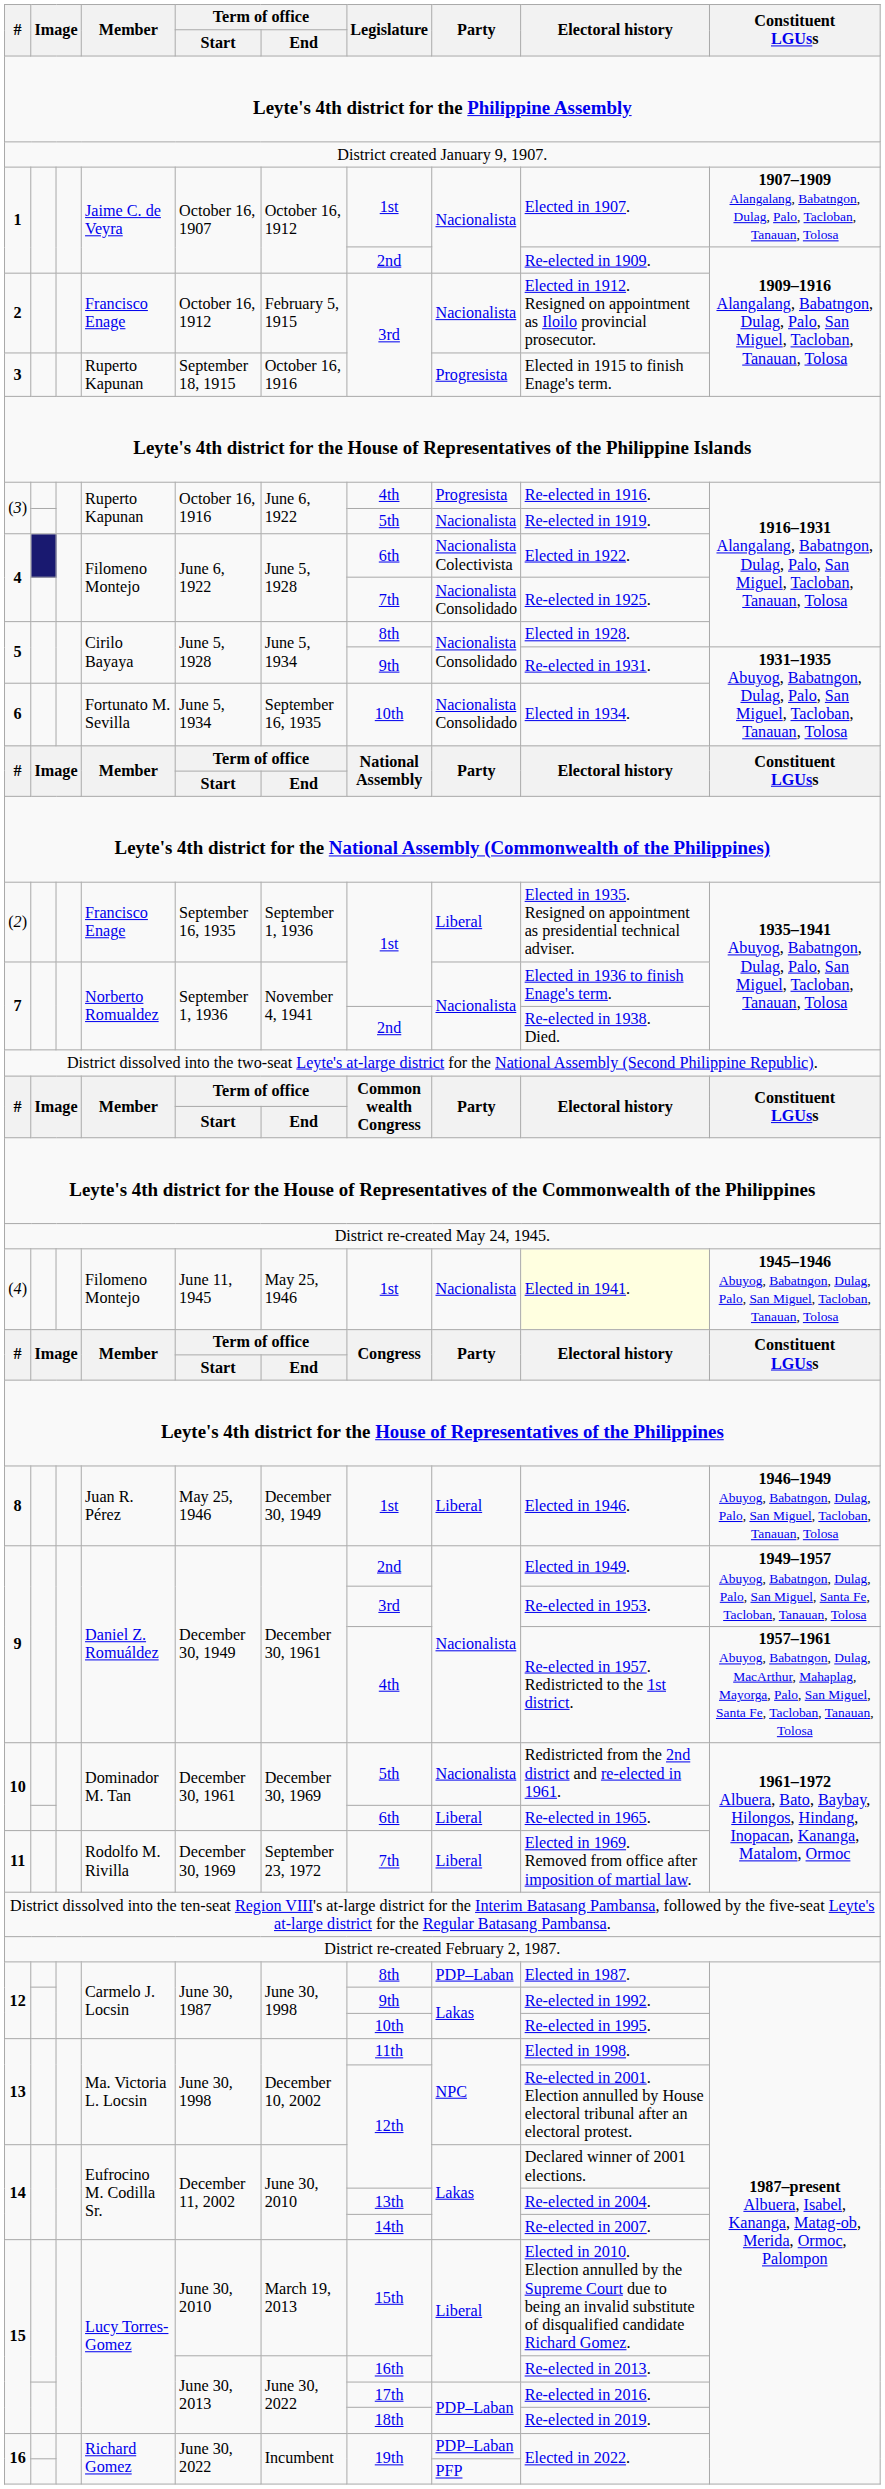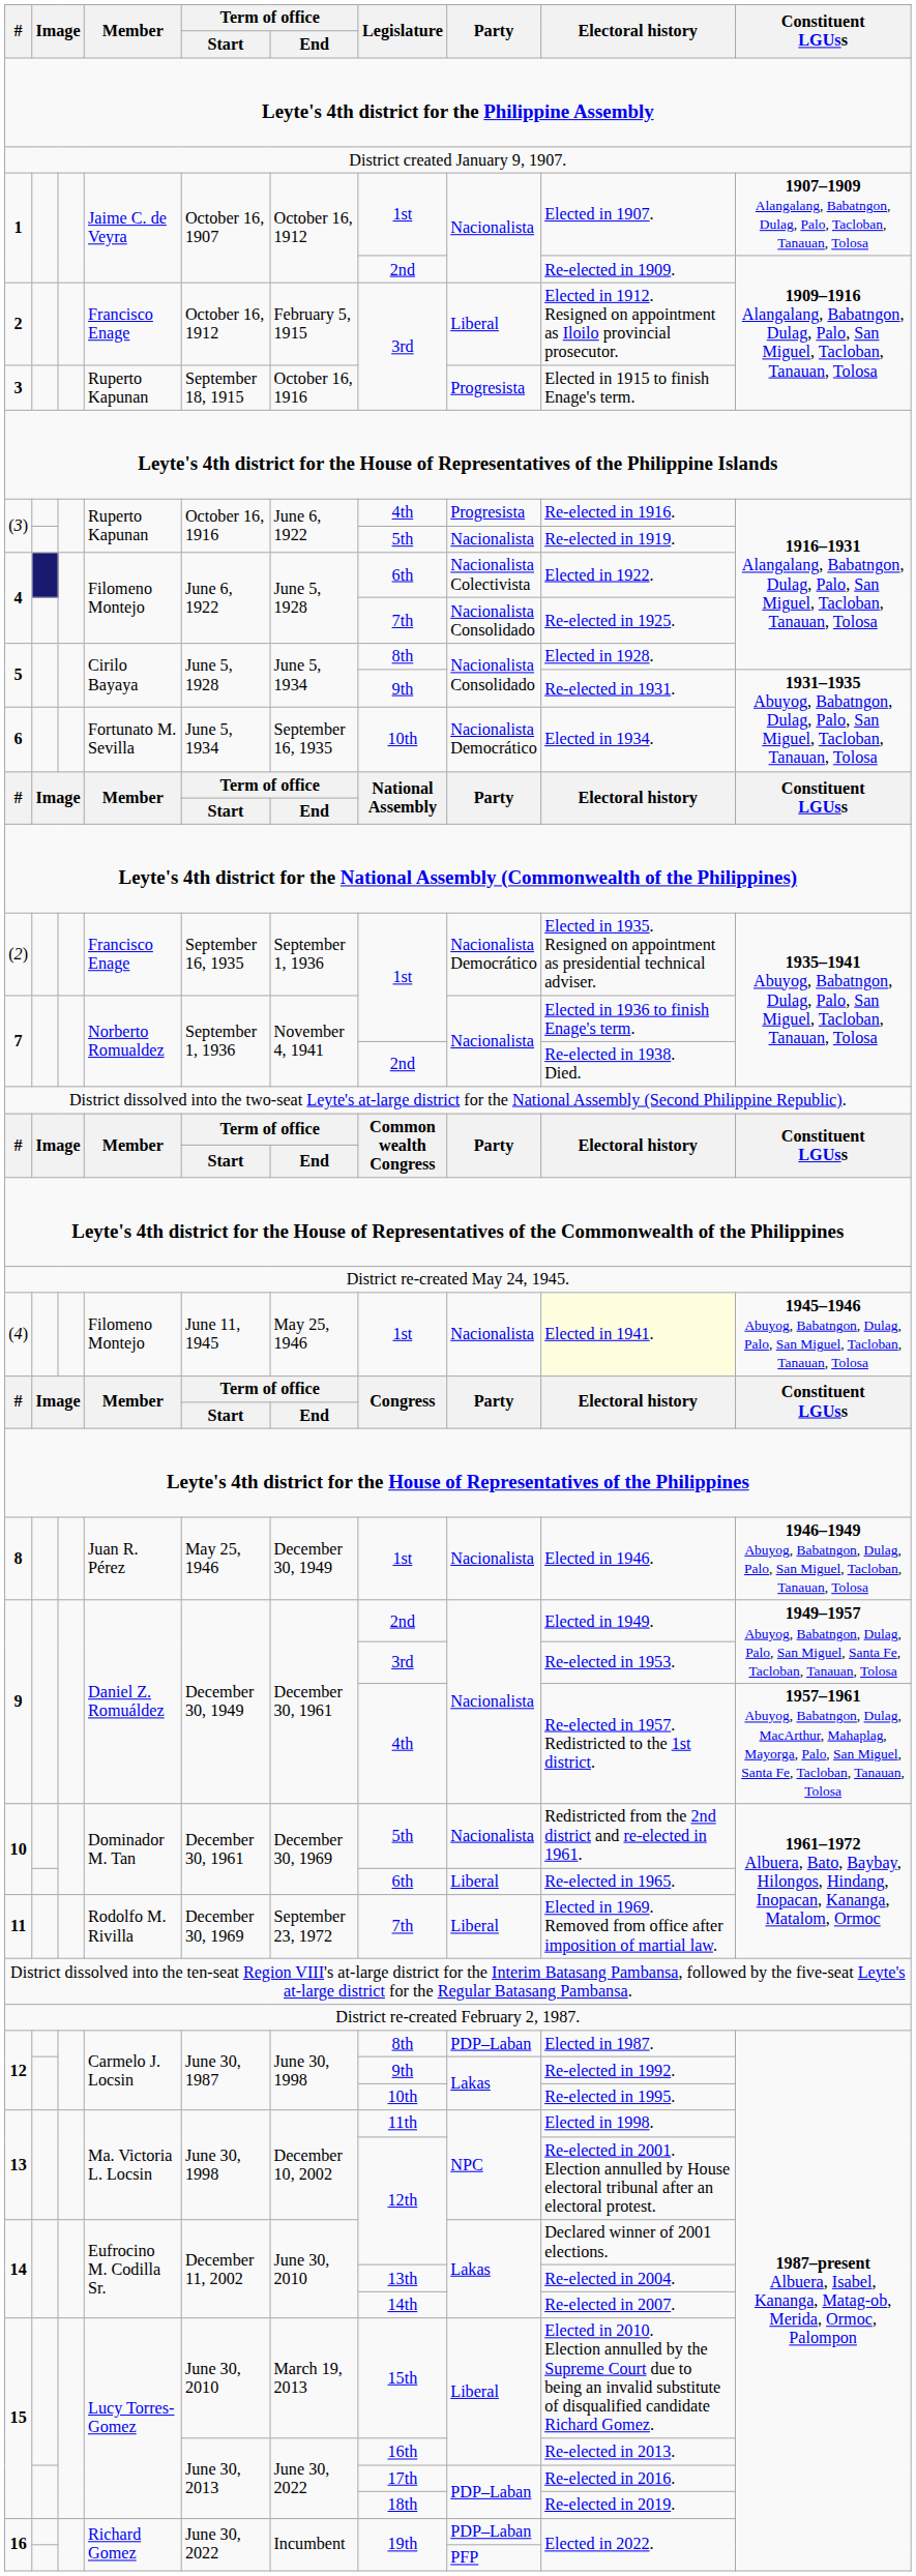 <table class=wikitable>
 <tr>
 <th rowspan="2">#</th>
 <th rowspan="2" colspan=2>Image</th>
 <th rowspan="2">Member</th>
 <th colspan=2>Term of office</th>
 <th rowspan="2">Legislature</th>
 <th rowspan="2">Party</th>
 <th rowspan="2">Electoral history</th>
 <th rowspan="2">Constituent<br><a href='#'>LGUs</a>s</th>
 </tr>
 <tr>
 <th>Start</th>
 <th>End</th>
 </tr>
 <tr>
 <td colspan="10" style="text-align:center;"><br><h3>Leyte's 4th district for the <a href='#'>Philippine Assembly</a></h3></td>
 </tr>
 <tr>
 <td colspan="10" style="text-align:center;">District created January 9, 1907.</td>
 </tr>
 <tr>
 <td rowspan="2" style="text-align:center;"><strong>1</strong></td>
 <td rowspan="2" style="color:inherit;background:"></td>
 <td rowspan="2"></td>
 <td rowspan="2"><a href='#'>Jaime C. de Veyra</a></td>
 <td rowspan="2">October 16, 1907</td>
 <td rowspan="2">October 16, 1912</td>
 <td style="text-align:center;"><a href='#'>1st</a></td>
 <td rowspan="2"><a href='#'>Nacionalista</a></td>
 <td><a href='#'>Elected in 1907</a>.</td>
 <td style="text-align:center;"><strong>1907–1909</strong><br><small><a href='#'>Alangalang</a>, <a href='#'>Babatngon</a>, <a href='#'>Dulag</a>, <a href='#'>Palo</a>, <a href='#'>Tacloban</a>, <a href='#'>Tanauan</a>, <a href='#'>Tolosa</a></small></td>
 </tr>
 <tr>
 <td style="text-align:center;"><a href='#'>2nd</a></td>
 <td><a href='#'>Re-elected in 1909</a>.</td>
 <td rowspan="3" style="text-align:center;"><strong>1909–1916</strong><br><a href='#'>Alangalang</a>, <a href='#'>Babatngon</a>, <a href='#'>Dulag</a>, <a href='#'>Palo</a>, <a href='#'>San Miguel</a>, <a href='#'>Tacloban</a>, <a href='#'>Tanauan</a>, <a href='#'>Tolosa</a></td>
 </tr>
 <tr>
 <td style="text-align:center;"><strong>2</strong></td>
 <td style="color:inherit;background:"></td>
 <td></td>
 <td><a href='#'>Francisco Enage</a></td>
 <td>October 16, 1912</td>
 <td>February 5, 1915</td>
 <td rowspan="2" style="text-align:center;"><a href='#'>3rd</a></td>
-<td><a href='#'>Nacionalista</a></td>
+<td><a href='#'>Liberal</a></td>
 <td><a href='#'>Elected in 1912</a>.<br>Resigned on appointment as <a href='#'>Iloilo</a> provincial prosecutor.</td>
 </tr>
 <tr>
 <td style="text-align:center;"><strong>3</strong></td>
 <td style="color:inherit;background:"></td>
 <td></td>
 <td>Ruperto Kapunan</td>
 <td>September 18, 1915</td>
 <td>October 16, 1916</td>
 <td><a href='#'>Progresista</a></td>
 <td>Elected in 1915 to finish Enage's term.</td>
 </tr>
 <tr>
 <td colspan="10" style="text-align:center;"><br><h3>Leyte's 4th district for the House of Representatives of the Philippine Islands</h3></td>
 </tr>
 <tr>
 <td rowspan="2" style="text-align:center;">(<em>3</em>)</td>
 <td style="color:inherit;background:"></td>
 <td rowspan="2"></td>
 <td rowspan="2">Ruperto Kapunan</td>
 <td rowspan="2">October 16, 1916</td>
 <td rowspan="2">June 6, 1922</td>
 <td style="text-align:center;"><a href='#'>4th</a></td>
 <td><a href='#'>Progresista</a></td>
 <td><a href='#'>Re-elected in 1916</a>.</td>
 <td rowspan="5" style="text-align:center;"><strong>1916–1931</strong><br><a href='#'>Alangalang</a>, <a href='#'>Babatngon</a>, <a href='#'>Dulag</a>, <a href='#'>Palo</a>, <a href='#'>San Miguel</a>, <a href='#'>Tacloban</a>, <a href='#'>Tanauan</a>, <a href='#'>Tolosa</a></td>
 </tr>
 <tr>
 <td style="color:inherit;background:"></td>
 <td style="text-align:center;"><a href='#'>5th</a></td>
 <td><a href='#'>Nacionalista</a></td>
 <td><a href='#'>Re-elected in 1919</a>.</td>
 </tr>
 <tr>
 <td rowspan="2" style="text-align:center;"><strong>4</strong></td>
 <td style="background-color:#191970"></td>
 <td rowspan="2"></td>
 <td rowspan="2">Filomeno Montejo</td>
 <td rowspan="2">June 6, 1922</td>
 <td rowspan="2">June 5, 1928</td>
 <td style="text-align:center;"><a href='#'>6th</a></td>
 <td><a href='#'>Nacionalista</a><br>Colectivista</td>
 <td><a href='#'>Elected in 1922</a>.</td>
 </tr>
 <tr>
 <td style="color:inherit;background:"></td>
 <td style="text-align:center;"><a href='#'>7th</a></td>
 <td><a href='#'>Nacionalista</a><br>Consolidado</td>
 <td><a href='#'>Re-elected in 1925</a>.</td>
 </tr>
 <tr>
 <td rowspan="2" style="text-align:center;"><strong>5</strong></td>
 <td rowspan="2" style="color:inherit;background:"></td>
 <td rowspan="2"></td>
 <td rowspan="2">Cirilo Bayaya</td>
 <td rowspan="2">June 5, 1928</td>
 <td rowspan="2">June 5, 1934</td>
 <td style="text-align:center;"><a href='#'>8th</a></td>
 <td rowspan="2"><a href='#'>Nacionalista</a><br>Consolidado</td>
 <td><a href='#'>Elected in 1928</a>.</td>
 </tr>
 <tr>
 <td style="text-align:center;"><a href='#'>9th</a></td>
 <td><a href='#'>Re-elected in 1931</a>.</td>
 <td rowspan="2" style="text-align:center;"><strong>1931–1935</strong><br><a href='#'>Abuyog</a>, <a href='#'>Babatngon</a>, <a href='#'>Dulag</a>, <a href='#'>Palo</a>, <a href='#'>San Miguel</a>, <a href='#'>Tacloban</a>, <a href='#'>Tanauan</a>, <a href='#'>Tolosa</a></td>
 </tr>
 <tr>
 <td style="text-align:center;"><strong>6</strong></td>
 <td style="color:inherit;background:"></td>
 <td></td>
 <td>Fortunato M. Sevilla</td>
 <td>June 5, 1934</td>
 <td>September 16, 1935</td>
 <td style="text-align:center;"><a href='#'>10th</a></td>
-<td><a href='#'>Nacionalista</a><br>Consolidado</td>
+<td><a href='#'>Nacionalista</a><br>Democrático</td>
 <td><a href='#'>Elected in 1934</a>.</td>
 </tr>
 <tr>
 <th rowspan="2">#</th>
 <th rowspan="2" colspan=2>Image</th>
 <th rowspan="2">Member</th>
 <th colspan=2>Term of office</th>
 <th rowspan="2">National<br>Assembly</th>
 <th rowspan="2">Party</th>
 <th rowspan="2">Electoral history</th>
 <th rowspan="2">Constituent<br><a href='#'>LGUs</a>s</th>
 </tr>
 <tr>
 <th>Start</th>
 <th>End</th>
 </tr>
 <tr>
 <td colspan="10" style="text-align:center;"><br><h3>Leyte's 4th district for the <a href='#'>National Assembly (Commonwealth of the Philippines)</a></h3></td>
 </tr>
 <tr>
 <td style="text-align:center;">(<em>2</em>)</td>
 <td style="color:inherit;background:"></td>
 <td></td>
 <td><a href='#'>Francisco Enage</a></td>
 <td>September 16, 1935</td>
 <td>September 1, 1936</td>
 <td rowspan="2" style="text-align:center;"><a href='#'>1st</a></td>
-<td><a href='#'>Liberal</a></td>
+<td><a href='#'>Nacionalista</a><br>Democrático</td>
 <td><a href='#'>Elected in 1935</a>.<br>Resigned on appointment as presidential technical adviser.</td>
 <td rowspan="3" style="text-align:center;"><strong>1935–1941</strong><br><a href='#'>Abuyog</a>, <a href='#'>Babatngon</a>, <a href='#'>Dulag</a>, <a href='#'>Palo</a>, <a href='#'>San Miguel</a>, <a href='#'>Tacloban</a>, <a href='#'>Tanauan</a>, <a href='#'>Tolosa</a></td>
 </tr>
 <tr>
 <td rowspan="2" style="text-align:center;"><strong>7</strong></td>
 <td rowspan="2" style="color:inherit;background:"></td>
 <td rowspan="2"></td>
 <td rowspan="2"><a href='#'>Norberto Romualdez</a></td>
 <td rowspan="2">September 1, 1936</td>
 <td rowspan="2">November 4, 1941</td>
 <td rowspan="2"><a href='#'>Nacionalista</a></td>
 <td><a href='#'>Elected in 1936 to finish Enage's term</a>.</td>
 </tr>
 <tr>
 <td style="text-align:center;"><a href='#'>2nd</a></td>
 <td><a href='#'>Re-elected in 1938</a>.<br>Died.</td>
 </tr>
 <tr>
 <td colspan="10" style="text-align:center;">District dissolved into the two-seat <a href='#'>Leyte's at-large district</a> for the <a href='#'>National Assembly (Second Philippine Republic)</a>.</td>
 </tr>
 <tr>
 <th rowspan="2">#</th>
 <th rowspan="2" colspan=2>Image</th>
 <th rowspan="2">Member</th>
 <th colspan=2>Term of office</th>
 <th rowspan="2">Common<br>wealth<br>Congress</th>
 <th rowspan="2">Party</th>
 <th rowspan="2">Electoral history</th>
 <th rowspan="2">Constituent<br><a href='#'>LGUs</a>s</th>
 </tr>
 <tr>
 <th>Start</th>
 <th>End</th>
 </tr>
 <tr>
 <td colspan="10" style="text-align:center;"><br><h3>Leyte's 4th district for the House of Representatives of the Commonwealth of the Philippines</h3></td>
 </tr>
 <tr>
 <td colspan="10" style="text-align:center;">District re-created May 24, 1945.</td>
 </tr>
 <tr>
 <td style="text-align:center;">(<em>4</em>)</td>
 <td style="color:inherit;background:"></td>
 <td></td>
 <td>Filomeno Montejo</td>
 <td>June 11, 1945</td>
 <td>May 25, 1946</td>
 <td style="text-align:center;"><a href='#'>1st</a></td>
 <td><a href='#'>Nacionalista</a></td>
 <td style="background: lightyellow;"><a href='#'>Elected in 1941</a>.</td>
 <td style="text-align:center;"><strong>1945–1946</strong><br><small><a href='#'>Abuyog</a>, <a href='#'>Babatngon</a>, <a href='#'>Dulag</a>, <a href='#'>Palo</a>, <a href='#'>San Miguel</a>, <a href='#'>Tacloban</a>, <a href='#'>Tanauan</a>, <a href='#'>Tolosa</a></small></td>
 </tr>
 <tr>
 <th rowspan="2">#</th>
 <th rowspan="2" colspan=2>Image</th>
 <th rowspan="2">Member</th>
 <th colspan=2>Term of office</th>
 <th rowspan="2">Congress</th>
 <th rowspan="2">Party</th>
 <th rowspan="2">Electoral history</th>
 <th rowspan="2">Constituent<br><a href='#'>LGUs</a>s</th>
 </tr>
 <tr>
 <th>Start</th>
 <th>End</th>
 </tr>
 <tr>
 <td colspan="10" style="text-align:center;"><br><h3>Leyte's 4th district for the <a href='#'>House of Representatives of the Philippines</a></h3></td>
 </tr>
 <tr>
 <td style="text-align:center;"><strong>8</strong></td>
 <td style="color:inherit;background:"></td>
 <td></td>
 <td>Juan R. Pérez</td>
 <td>May 25, 1946</td>
 <td>December 30, 1949</td>
 <td style="text-align:center;"><a href='#'>1st</a></td>
-<td><a href='#'>Liberal</a></td>
+<td><a href='#'>Nacionalista</a></td>
 <td><a href='#'>Elected in 1946</a>.</td>
 <td style="text-align:center;"><strong>1946–1949</strong><br><small><a href='#'>Abuyog</a>, <a href='#'>Babatngon</a>, <a href='#'>Dulag</a>, <a href='#'>Palo</a>, <a href='#'>San Miguel</a>, <a href='#'>Tacloban</a>, <a href='#'>Tanauan</a>, <a href='#'>Tolosa</a></small></td>
 </tr>
 <tr>
 <td rowspan="3" style="text-align:center;"><strong>9</strong></td>
 <td rowspan="3" style="color:inherit;background:"></td>
 <td rowspan="3"></td>
 <td rowspan="3"><a href='#'>Daniel Z. Romuáldez</a></td>
 <td rowspan="3">December 30, 1949</td>
 <td rowspan="3">December 30, 1961</td>
 <td style="text-align:center;"><a href='#'>2nd</a></td>
 <td rowspan="3"><a href='#'>Nacionalista</a></td>
 <td><a href='#'>Elected in 1949</a>.</td>
 <td rowspan="2" style="text-align:center;"><strong>1949–1957</strong><br><small><a href='#'>Abuyog</a>, <a href='#'>Babatngon</a>, <a href='#'>Dulag</a>, <a href='#'>Palo</a>, <a href='#'>San Miguel</a>, <a href='#'>Santa Fe</a>, <a href='#'>Tacloban</a>, <a href='#'>Tanauan</a>, <a href='#'>Tolosa</a></small></td>
 </tr>
 <tr>
 <td style="text-align:center;"><a href='#'>3rd</a></td>
 <td><a href='#'>Re-elected in 1953</a>.</td>
 </tr>
 <tr>
 <td style="text-align:center;"><a href='#'>4th</a></td>
 <td><a href='#'>Re-elected in 1957</a>.<br>Redistricted to the <a href='#'>1st district</a>.</td>
 <td style="text-align:center;"><strong>1957–1961</strong><br><small><a href='#'>Abuyog</a>, <a href='#'>Babatngon</a>, <a href='#'>Dulag</a>, <a href='#'>MacArthur</a>, <a href='#'>Mahaplag</a>, <a href='#'>Mayorga</a>, <a href='#'>Palo</a>, <a href='#'>San Miguel</a>, <a href='#'>Santa Fe</a>, <a href='#'>Tacloban</a>, <a href='#'>Tanauan</a>, <a href='#'>Tolosa</a></small></td>
 </tr>
 <tr>
 <td rowspan="2" style="text-align:center;"><strong>10</strong></td>
 <td style="color:inherit;background:"></td>
 <td rowspan="2"></td>
 <td rowspan="2">Dominador M. Tan</td>
 <td rowspan="2">December 30, 1961</td>
 <td rowspan="2">December 30, 1969</td>
 <td style="text-align:center;"><a href='#'>5th</a></td>
 <td><a href='#'>Nacionalista</a></td>
 <td>Redistricted from the <a href='#'>2nd district</a> and <a href='#'>re-elected in 1961</a>.</td>
 <td rowspan="3" style="text-align:center;"><strong>1961–1972</strong><br><a href='#'>Albuera</a>, <a href='#'>Bato</a>, <a href='#'>Baybay</a>, <a href='#'>Hilongos</a>, <a href='#'>Hindang</a>, <a href='#'>Inopacan</a>, <a href='#'>Kananga</a>, <a href='#'>Matalom</a>, <a href='#'>Ormoc</a></td>
 </tr>
 <tr>
 <td style="color:inherit;background:"></td>
 <td style="text-align:center;"><a href='#'>6th</a></td>
 <td><a href='#'>Liberal</a></td>
 <td><a href='#'>Re-elected in 1965</a>.</td>
 </tr>
 <tr>
 <td style="text-align:center;"><strong>11</strong></td>
 <td style="color:inherit;background:"></td>
 <td></td>
 <td>Rodolfo M. Rivilla</td>
 <td>December 30, 1969</td>
 <td>September 23, 1972</td>
 <td style="text-align:center;"><a href='#'>7th</a></td>
 <td><a href='#'>Liberal</a></td>
 <td><a href='#'>Elected in 1969</a>.<br>Removed from office after <a href='#'>imposition of martial law</a>.</td>
 </tr>
 <tr>
 <td colspan="10" style="text-align:center;">District dissolved into the ten-seat <a href='#'>Region VIII</a>'s at-large district for the <a href='#'>Interim Batasang Pambansa</a>, followed by the five-seat <a href='#'>Leyte's at-large district</a> for the <a href='#'>Regular Batasang Pambansa</a>.</td>
 </tr>
 <tr>
 <td colspan="10" style="text-align:center;">District re-created February 2, 1987.</td>
 </tr>
 <tr>
 <td rowspan="3" style="text-align:center;"><strong>12</strong></td>
 <td style="color:inherit;background:"></td>
 <td rowspan="3"></td>
 <td rowspan="3">Carmelo J. Locsin</td>
 <td rowspan="3">June 30, 1987</td>
 <td rowspan="3">June 30, 1998</td>
 <td style="text-align:center;"><a href='#'>8th</a></td>
 <td><a href='#'>PDP–Laban</a></td>
 <td><a href='#'>Elected in 1987</a>.</td>
 <td rowspan="14" style="text-align:center;"><strong>1987–present</strong><br><a href='#'>Albuera</a>, <a href='#'>Isabel</a>, <a href='#'>Kananga</a>, <a href='#'>Matag-ob</a>, <a href='#'>Merida</a>, <a href='#'>Ormoc</a>, <a href='#'>Palompon</a></td>
 </tr>
 <tr>
 <td rowspan="2" style="color:inherit;background:"></td>
 <td style="text-align:center;"><a href='#'>9th</a></td>
 <td rowspan="2"><a href='#'>Lakas</a></td>
 <td><a href='#'>Re-elected in 1992</a>.</td>
 </tr>
 <tr>
 <td style="text-align:center;"><a href='#'>10th</a></td>
 <td><a href='#'>Re-elected in 1995</a>.</td>
 </tr>
 <tr>
 <td rowspan="2" style="text-align:center;"><strong>13</strong></td>
 <td rowspan="2" style="color:inherit;background:"></td>
 <td rowspan="2"></td>
 <td rowspan="2">Ma. Victoria L. Locsin</td>
 <td rowspan="2">June 30, 1998</td>
 <td rowspan="2">December 10, 2002</td>
 <td style="text-align:center;"><a href='#'>11th</a></td>
 <td rowspan="2"><a href='#'>NPC</a></td>
 <td><a href='#'>Elected in 1998</a>.</td>
 </tr>
 <tr>
 <td rowspan="2" style="text-align:center;"><a href='#'>12th</a></td>
 <td><a href='#'>Re-elected in 2001</a>.<br>Election annulled by House electoral tribunal after an electoral protest.</td>
 </tr>
 <tr>
 <td rowspan="3" style="text-align:center;"><strong>14</strong></td>
 <td rowspan="3" style="color:inherit;background:"></td>
 <td rowspan="3"></td>
 <td rowspan="3">Eufrocino M. Codilla Sr.</td>
 <td rowspan="3">December 11, 2002</td>
 <td rowspan="3">June 30, 2010</td>
 <td rowspan="3"><a href='#'>Lakas</a></td>
 <td>Declared winner of 2001 elections.</td>
 </tr>
 <tr>
 <td style="text-align:center;"><a href='#'>13th</a></td>
 <td><a href='#'>Re-elected in 2004</a>.</td>
 </tr>
 <tr>
 <td style="text-align:center;"><a href='#'>14th</a></td>
 <td><a href='#'>Re-elected in 2007</a>.</td>
 </tr>
 <tr>
 <td rowspan="4" style="text-align:center;"><strong>15</strong></td>
 <td rowspan="2" style="color:inherit;background:"></td>
 <td rowspan="4"></td>
 <td rowspan="4"><a href='#'>Lucy Torres-Gomez</a></td>
 <td>June 30, 2010</td>
 <td>March 19, 2013</td>
 <td style="text-align:center;"><a href='#'>15th</a></td>
 <td rowspan="2"><a href='#'>Liberal</a></td>
 <td><a href='#'>Elected in 2010</a>.<br>Election annulled by the <a href='#'>Supreme Court</a> due to being an invalid substitute of disqualified candidate <a href='#'>Richard Gomez</a>.</td>
 </tr>
 <tr>
 <td rowspan="3">June 30, 2013</td>
 <td rowspan="3">June 30, 2022</td>
 <td style="text-align:center;"><a href='#'>16th</a></td>
 <td><a href='#'>Re-elected in 2013</a>.</td>
 </tr>
 <tr>
 <td rowspan="2" style="color:inherit;background:"></td>
 <td style="text-align:center;"><a href='#'>17th</a></td>
 <td rowspan="2"><a href='#'>PDP–Laban</a></td>
 <td><a href='#'>Re-elected in 2016</a>.</td>
 </tr>
 <tr>
 <td style="text-align:center;"><a href='#'>18th</a></td>
 <td><a href='#'>Re-elected in 2019</a>.</td>
 </tr>
 <tr>
 <td style="text-align:center;" rowspan="2"><strong>16</strong></td>
 <td style="color:inherit;background:"></td>
 <td rowspan="2"></td>
 <td rowspan="2"><a href='#'>Richard Gomez</a></td>
 <td rowspan="2">June 30, 2022</td>
 <td rowspan="2">Incumbent</td>
 <td style="text-align:center;" rowspan="2"><a href='#'>19th</a></td>
 <td><a href='#'>PDP–Laban</a></td>
 <td rowspan="2"><a href='#'>Elected in 2022</a>.</td>
 </tr>
 <tr>
 <td style="color:inherit;background:"></td>
 <td><a href='#'>PFP</a></td>
 </tr>
 </table>
